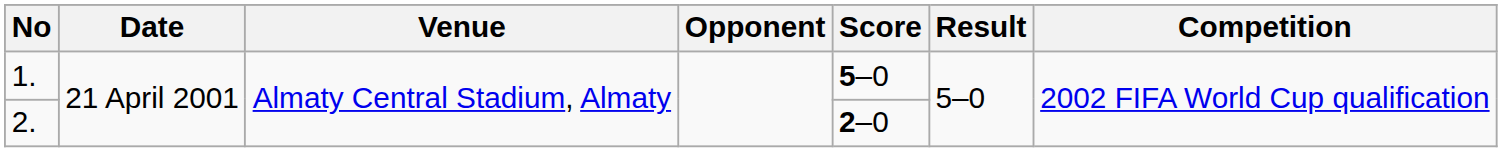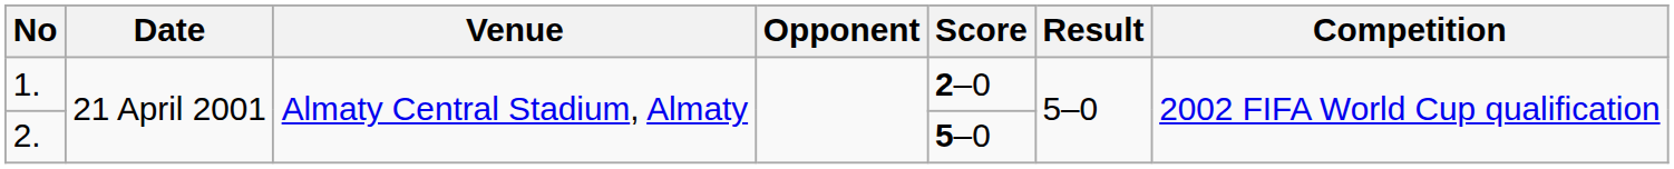 <table class="wikitable" style="font-size:100%;">
 <tr>
 <th>No</th>
 <th>Date</th>
 <th>Venue</th>
 <th>Opponent</th>
 <th>Score</th>
 <th>Result</th>
 <th>Competition</th>
 </tr>
 <tr>
 <td>1.</td>
 <td rowspan="2">21 April 2001</td>
 <td rowspan="2"><a href='#'>Almaty Central Stadium</a>, <a href='#'>Almaty</a></td>
 <td rowspan="2"></td>
-<td><strong>5</strong>–0</td>
+<td><strong>2</strong>–0</td>
 <td rowspan="2">5–0</td>
 <td rowspan="2"><a href='#'>2002 FIFA World Cup qualification</a></td>
 </tr>
 <tr>
 <td>2.</td>
-<td><strong>2</strong>–0</td>
+<td><strong>5</strong>–0</td>
 </tr>
 </table>
